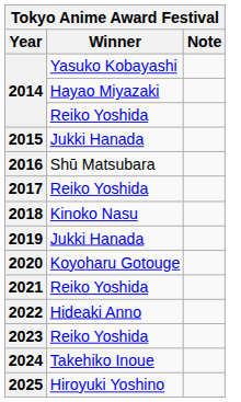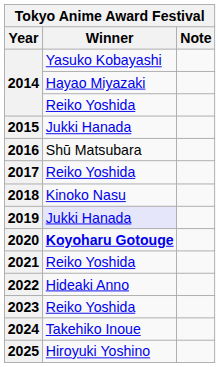 <table class="wikitable" style="font-size: 95%;">
 <tr>
 <th colspan="3">Tokyo Anime Award Festival</th>
 </tr>
 <tr>
 <th>Year</th>
 <th>Winner</th>
 <th>Note</th>
 </tr>
 <tr>
 <th rowspan="3">2014</th>
 <td><a href='#'>Yasuko Kobayashi</a></td>
 <td></td>
 </tr>
 <tr>
 <td><a href='#'>Hayao Miyazaki</a></td>
 <td></td>
 </tr>
 <tr>
 <td><a href='#'>Reiko Yoshida</a></td>
 <td></td>
 </tr>
 <tr>
 <th>2015</th>
 <td><a href='#'>Jukki Hanada</a></td>
 <td></td>
 </tr>
 <tr>
 <th>2016</th>
 <td>Shū Matsubara</td>
 <td></td>
 </tr>
 <tr>
 <th>2017</th>
 <td><a href='#'>Reiko Yoshida</a></td>
 <td></td>
 </tr>
 <tr>
 <th>2018</th>
 <td><a href='#'>Kinoko Nasu</a></td>
 <td></td>
 </tr>
 <tr>
 <th>2019</th>
-<td><a href='#'>Jukki Hanada</a></td>
+<td style="background: lavender;"><a href='#'>Jukki Hanada</a></td>
 <td></td>
 </tr>
 <tr>
 <th>2020</th>
-<td><a href='#'>Koyoharu Gotouge</a></td>
+<td><strong><a href='#'>Koyoharu Gotouge</a></strong></td>
 <td></td>
 </tr>
 <tr>
 <th>2021</th>
 <td><a href='#'>Reiko Yoshida</a></td>
 <td></td>
 </tr>
 <tr>
 <th>2022</th>
 <td><a href='#'>Hideaki Anno</a></td>
 <td></td>
 </tr>
 <tr>
 <th>2023</th>
 <td><a href='#'>Reiko Yoshida</a></td>
 <td></td>
 </tr>
 <tr>
 <th>2024</th>
 <td><a href='#'>Takehiko Inoue</a></td>
 <td></td>
 </tr>
 <tr>
 <th>2025</th>
 <td><a href='#'>Hiroyuki Yoshino</a></td>
 <td></td>
 </tr>
 </table>
